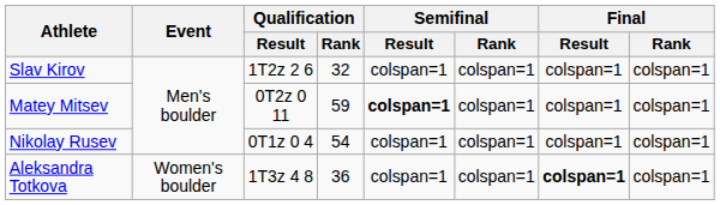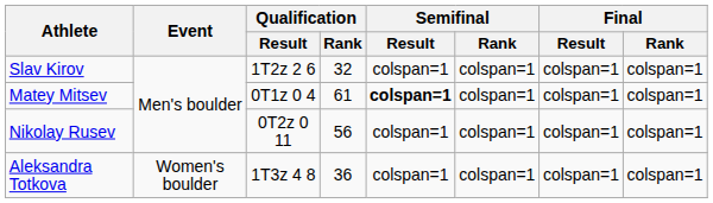 <table class=wikitable style=font-size:90% align=center>
 <tr>
 <th rowspan=2>Athlete</th>
 <th rowspan=2>Event</th>
 <th colspan=2>Qualification</th>
 <th colspan=2>Semifinal</th>
 <th colspan=2>Final</th>
 </tr>
 <tr style=font-size:95%>
 <th>Result</th>
 <th>Rank</th>
 <th>Result</th>
 <th>Rank</th>
 <th>Result</th>
 <th>Rank</th>
 </tr>
 <tr align=center>
 <td align=left><a href='#'>Slav Kirov</a></td>
 <td rowspan=3>Men's boulder</td>
 <td>1T2z 2 6</td>
 <td>32</td>
 <td>colspan=1</td>
 <td>colspan=1</td>
 <td>colspan=1</td>
 <td>colspan=1</td>
 </tr>
 <tr align=center>
 <td align=left><a href='#'>Matey Mitsev</a></td>
-<td>0T2z 0 11</td>
-<td>59</td>
+<td>0T1z 0 4</td>
+<td>61</td>
 <td><strong>colspan=1</strong></td>
 <td>colspan=1</td>
 <td>colspan=1</td>
 <td>colspan=1</td>
 </tr>
 <tr align=center>
 <td align=left><a href='#'>Nikolay Rusev</a></td>
-<td>0T1z 0 4</td>
-<td>54</td>
+<td>0T2z 0 11</td>
+<td>56</td>
 <td>colspan=1</td>
 <td>colspan=1</td>
 <td>colspan=1</td>
 <td>colspan=1</td>
 </tr>
 <tr align=center>
 <td align=left><a href='#'>Aleksandra Totkova</a></td>
 <td>Women's boulder</td>
 <td>1T3z 4 8</td>
 <td>36</td>
 <td>colspan=1</td>
 <td>colspan=1</td>
-<td><strong>colspan=1</strong></td>
+<td>colspan=1</td>
 <td>colspan=1</td>
 </tr>
 </table>
